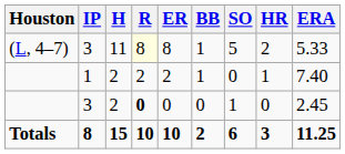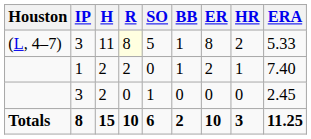 <table class="wikitable sortable">
 <tr>
 <th>Houston</th>
 <th><a href='#'>IP</a></th>
 <th><a href='#'>H</a></th>
 <th><a href='#'>R</a></th>
+<th><a href='#'>SO</a></th>
+<th><a href='#'>BB</a></th>
 <th><a href='#'>ER</a></th>
-<th><a href='#'>BB</a></th>
-<th><a href='#'>SO</a></th>
 <th><a href='#'>HR</a></th>
 <th><a href='#'>ERA</a></th>
 </tr>
 <tr>
 <td> (<a href='#'>L</a>, 4–7)</td>
 <td>3 </td>
 <td>11</td>
 <td style="background: lightyellow;">8</td>
+<td>5</td>
+<td>1</td>
 <td>8</td>
-<td>1</td>
-<td>5</td>
 <td>2</td>
 <td>5.33</td>
 </tr>
 <tr>
 <td></td>
 <td>1 </td>
 <td>2</td>
 <td>2</td>
+<td>0</td>
+<td>1</td>
 <td>2</td>
-<td>1</td>
-<td>0</td>
 <td>1</td>
 <td>7.40</td>
 </tr>
 <tr>
 <td></td>
 <td>3</td>
 <td>2</td>
-<td><strong>0</strong></td>
+<td>0</td>
+<td>1</td>
 <td>0</td>
 <td>0</td>
-<td>1</td>
 <td>0</td>
 <td>2.45</td>
 </tr>
 <tr class="sortbottom">
 <td><strong>Totals</strong></td>
 <td><strong>8</strong></td>
 <td><strong>15</strong></td>
 <td><strong>10</strong></td>
+<td><strong>6</strong></td>
+<td><strong>2</strong></td>
 <td><strong>10</strong></td>
-<td><strong>2</strong></td>
-<td><strong>6</strong></td>
 <td><strong>3</strong></td>
 <td><strong>11.25</strong></td>
 </tr>
 </table>
